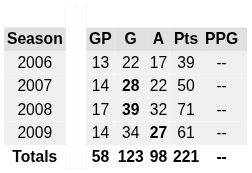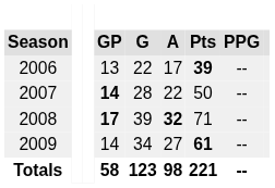 <table BORDER="0" CELLPADDING="3" CELLSPACING="0">
 <tr ALIGN="center" bgcolor="#e0e0e0">
 <th colspan="1" bgcolor="#ffffff"> </th>
 <th rowspan="99" bgcolor="#ffffff"> </th>
 <th rowspan="99" bgcolor="#ffffff"> </th>
 </tr>
 <tr ALIGN="center" bgcolor="#e0e0e0">
 <th>Season</th>
 <th>GP</th>
 <th>G</th>
 <th>A</th>
 <th>Pts</th>
 <th>PPG</th>
 <th></th>
 </tr>
 <tr ALIGN="center" bgcolor="#f0f0f0">
 <td>2006</td>
 <td>13</td>
 <td>22</td>
 <td>17</td>
-<td>39</td>
+<td><strong>39</strong></td>
 <td>--</td>
 <td></td>
 </tr>
 <tr ALIGN="center" bgcolor="#f0f0f0">
 <td>2007</td>
-<td>14</td>
-<td><strong>28</strong></td>
+<td><strong>14</strong></td>
+<td>28</td>
 <td>22</td>
 <td>50</td>
 <td>--</td>
 <td></td>
 </tr>
 <tr ALIGN="center" bgcolor="#f0f0f0">
 <td>2008</td>
-<td>17</td>
-<td><strong>39</strong></td>
-<td>32</td>
+<td><strong>17</strong></td>
+<td>39</td>
+<td><strong>32</strong></td>
 <td>71</td>
 <td>--</td>
 <td></td>
 </tr>
 <tr ALIGN="center" bgcolor="#f0f0f0">
 <td>2009</td>
 <td>14</td>
 <td>34</td>
-<td><strong>27</strong></td>
-<td>61</td>
+<td>27</td>
+<td><strong>61</strong></td>
 <td>--</td>
 <td></td>
 </tr>
 <tr ALIGN="center">
 <th colspan="1.5">Totals</th>
 <th>58</th>
 <th>123</th>
 <th>98</th>
 <th>221</th>
 <th>--</th>
 <th></th>
 </tr>
 </table>
